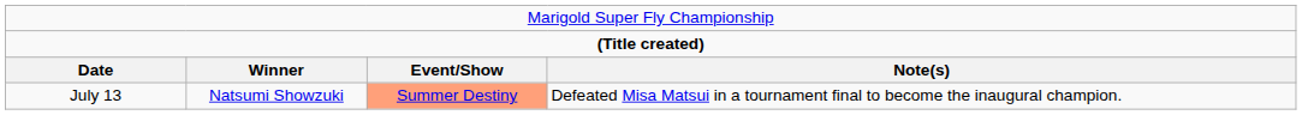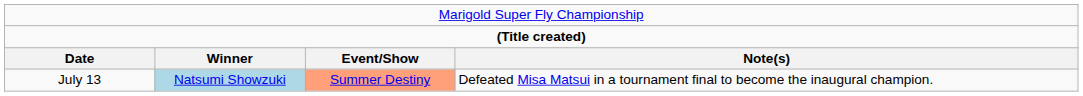 <table class="wikitable" style="text-align:center; width:100%;">
 <tr>
 <td colspan="4" style="text-align: center;"><a href='#'>Marigold Super Fly Championship</a></td>
 </tr>
 <tr>
 <td colspan="4" style="text-align: center;"><strong>(Title created)</strong></td>
 </tr>
 <tr>
 <th width=14%>Date</th>
 <th width=14%>Winner</th>
 <th width=14%>Event/Show</th>
 <th width=58%>Note(s)</th>
 </tr>
 <tr>
 <td>July 13</td>
-<td><a href='#'>Natsumi Showzuki</a></td>
+<td style="background: lightblue;"><a href='#'>Natsumi Showzuki</a></td>
 <td style="background: lightsalmon;"><a href='#'>Summer Destiny</a></td>
 <td align=left>Defeated <a href='#'>Misa Matsui</a> in a tournament final to become the inaugural champion.</td>
 </tr>
 </table>
